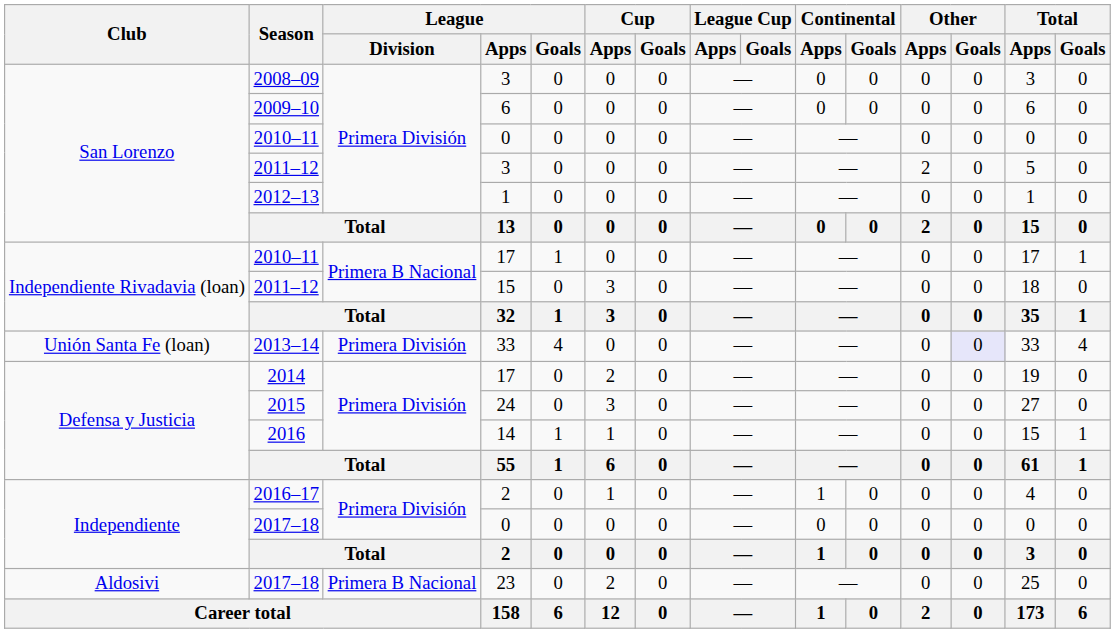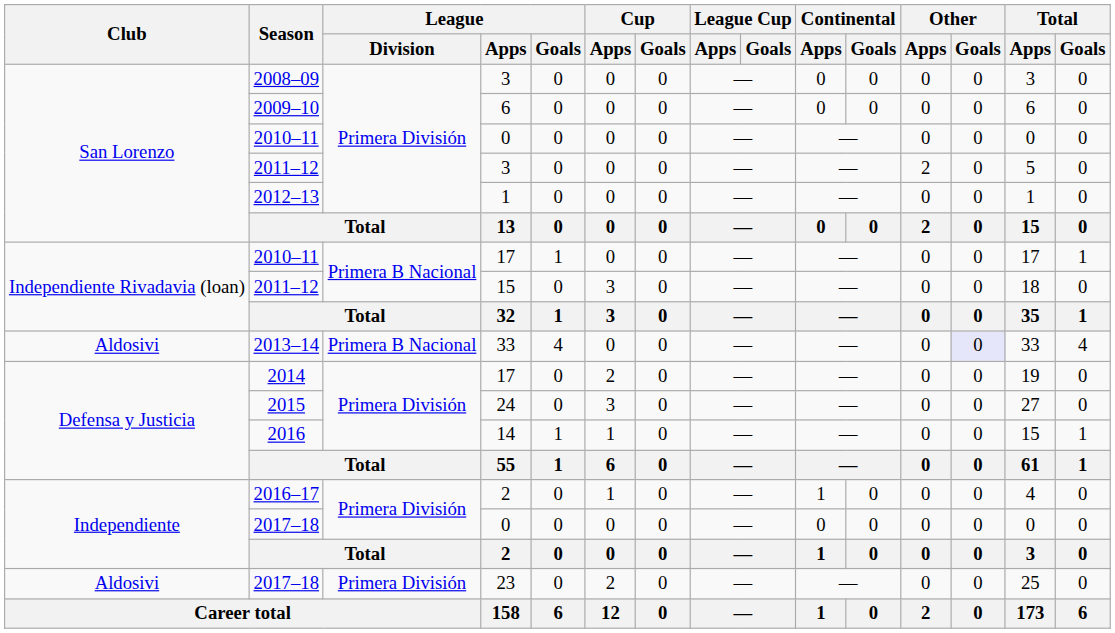 <table class="wikitable" style="text-align:center">
 <tr>
 <th rowspan="2">Club</th>
 <th rowspan="2">Season</th>
 <th colspan="3">League</th>
 <th colspan="2">Cup</th>
 <th colspan="2">League Cup</th>
 <th colspan="2">Continental</th>
 <th colspan="2">Other</th>
 <th colspan="2">Total</th>
 </tr>
 <tr>
 <th>Division</th>
 <th>Apps</th>
 <th>Goals</th>
 <th>Apps</th>
 <th>Goals</th>
 <th>Apps</th>
 <th>Goals</th>
 <th>Apps</th>
 <th>Goals</th>
 <th>Apps</th>
 <th>Goals</th>
 <th>Apps</th>
 <th>Goals</th>
 </tr>
 <tr>
 <td rowspan="6"><a href='#'>San Lorenzo</a></td>
 <td><a href='#'>2008–09</a></td>
 <td rowspan="5"><a href='#'>Primera División</a></td>
 <td>3</td>
 <td>0</td>
 <td>0</td>
 <td>0</td>
 <td colspan="2">—</td>
 <td>0</td>
 <td>0</td>
 <td>0</td>
 <td>0</td>
 <td>3</td>
 <td>0</td>
 </tr>
 <tr>
 <td><a href='#'>2009–10</a></td>
 <td>6</td>
 <td>0</td>
 <td>0</td>
 <td>0</td>
 <td colspan="2">—</td>
 <td>0</td>
 <td>0</td>
 <td>0</td>
 <td>0</td>
 <td>6</td>
 <td>0</td>
 </tr>
 <tr>
 <td><a href='#'>2010–11</a></td>
 <td>0</td>
 <td>0</td>
 <td>0</td>
 <td>0</td>
 <td colspan="2">—</td>
 <td colspan="2">—</td>
 <td>0</td>
 <td>0</td>
 <td>0</td>
 <td>0</td>
 </tr>
 <tr>
 <td><a href='#'>2011–12</a></td>
 <td>3</td>
 <td>0</td>
 <td>0</td>
 <td>0</td>
 <td colspan="2">—</td>
 <td colspan="2">—</td>
 <td>2</td>
 <td>0</td>
 <td>5</td>
 <td>0</td>
 </tr>
 <tr>
 <td><a href='#'>2012–13</a></td>
 <td>1</td>
 <td>0</td>
 <td>0</td>
 <td>0</td>
 <td colspan="2">—</td>
 <td colspan="2">—</td>
 <td>0</td>
 <td>0</td>
 <td>1</td>
 <td>0</td>
 </tr>
 <tr>
 <th colspan="2">Total</th>
 <th>13</th>
 <th>0</th>
 <th>0</th>
 <th>0</th>
 <th colspan="2">—</th>
 <th>0</th>
 <th>0</th>
 <th>2</th>
 <th>0</th>
 <th>15</th>
 <th>0</th>
 </tr>
 <tr>
 <td rowspan="3"><a href='#'>Independiente Rivadavia</a> (loan)</td>
 <td><a href='#'>2010–11</a></td>
 <td rowspan="2"><a href='#'>Primera B Nacional</a></td>
 <td>17</td>
 <td>1</td>
 <td>0</td>
 <td>0</td>
 <td colspan="2">—</td>
 <td colspan="2">—</td>
 <td>0</td>
 <td>0</td>
 <td>17</td>
 <td>1</td>
 </tr>
 <tr>
 <td><a href='#'>2011–12</a></td>
 <td>15</td>
 <td>0</td>
 <td>3</td>
 <td>0</td>
 <td colspan="2">—</td>
 <td colspan="2">—</td>
 <td>0</td>
 <td>0</td>
 <td>18</td>
 <td>0</td>
 </tr>
 <tr>
 <th colspan="2">Total</th>
 <th>32</th>
 <th>1</th>
 <th>3</th>
 <th>0</th>
 <th colspan="2">—</th>
 <th colspan="2">—</th>
 <th>0</th>
 <th>0</th>
 <th>35</th>
 <th>1</th>
 </tr>
 <tr>
-<td rowspan="1"><a href='#'>Unión Santa Fe</a> (loan)</td>
+<td rowspan="1"><a href='#'>Aldosivi</a></td>
 <td><a href='#'>2013–14</a></td>
-<td rowspan="1"><a href='#'>Primera División</a></td>
+<td rowspan="1"><a href='#'>Primera B Nacional</a></td>
 <td>33</td>
 <td>4</td>
 <td>0</td>
 <td>0</td>
 <td colspan="2">—</td>
 <td colspan="2">—</td>
 <td>0</td>
 <td style="background: lavender;">0</td>
 <td>33</td>
 <td>4</td>
 </tr>
 <tr>
 <td rowspan="4"><a href='#'>Defensa y Justicia</a></td>
 <td><a href='#'>2014</a></td>
 <td rowspan="3"><a href='#'>Primera División</a></td>
 <td>17</td>
 <td>0</td>
 <td>2</td>
 <td>0</td>
 <td colspan="2">—</td>
 <td colspan="2">—</td>
 <td>0</td>
 <td>0</td>
 <td>19</td>
 <td>0</td>
 </tr>
 <tr>
 <td><a href='#'>2015</a></td>
 <td>24</td>
 <td>0</td>
 <td>3</td>
 <td>0</td>
 <td colspan="2">—</td>
 <td colspan="2">—</td>
 <td>0</td>
 <td>0</td>
 <td>27</td>
 <td>0</td>
 </tr>
 <tr>
 <td><a href='#'>2016</a></td>
 <td>14</td>
 <td>1</td>
 <td>1</td>
 <td>0</td>
 <td colspan="2">—</td>
 <td colspan="2">—</td>
 <td>0</td>
 <td>0</td>
 <td>15</td>
 <td>1</td>
 </tr>
 <tr>
 <th colspan="2">Total</th>
 <th>55</th>
 <th>1</th>
 <th>6</th>
 <th>0</th>
 <th colspan="2">—</th>
 <th colspan="2">—</th>
 <th>0</th>
 <th>0</th>
 <th>61</th>
 <th>1</th>
 </tr>
 <tr>
 <td rowspan="3"><a href='#'>Independiente</a></td>
 <td><a href='#'>2016–17</a></td>
 <td rowspan="2"><a href='#'>Primera División</a></td>
 <td>2</td>
 <td>0</td>
 <td>1</td>
 <td>0</td>
 <td colspan="2">—</td>
 <td>1</td>
 <td>0</td>
 <td>0</td>
 <td>0</td>
 <td>4</td>
 <td>0</td>
 </tr>
 <tr>
 <td><a href='#'>2017–18</a></td>
 <td>0</td>
 <td>0</td>
 <td>0</td>
 <td>0</td>
 <td colspan="2">—</td>
 <td>0</td>
 <td>0</td>
 <td>0</td>
 <td>0</td>
 <td>0</td>
 <td>0</td>
 </tr>
 <tr>
 <th colspan="2">Total</th>
 <th>2</th>
 <th>0</th>
 <th>0</th>
 <th>0</th>
 <th colspan="2">—</th>
 <th>1</th>
 <th>0</th>
 <th>0</th>
 <th>0</th>
 <th>3</th>
 <th>0</th>
 </tr>
 <tr>
 <td rowspan="1"><a href='#'>Aldosivi</a></td>
 <td><a href='#'>2017–18</a></td>
-<td rowspan="1"><a href='#'>Primera B Nacional</a></td>
+<td rowspan="1"><a href='#'>Primera División</a></td>
 <td>23</td>
 <td>0</td>
 <td>2</td>
 <td>0</td>
 <td colspan="2">—</td>
 <td colspan="2">—</td>
 <td>0</td>
 <td>0</td>
 <td>25</td>
 <td>0</td>
 </tr>
 <tr>
 <th colspan="3">Career total</th>
 <th>158</th>
 <th>6</th>
 <th>12</th>
 <th>0</th>
 <th colspan="2">—</th>
 <th>1</th>
 <th>0</th>
 <th>2</th>
 <th>0</th>
 <th>173</th>
 <th>6</th>
 </tr>
 </table>
